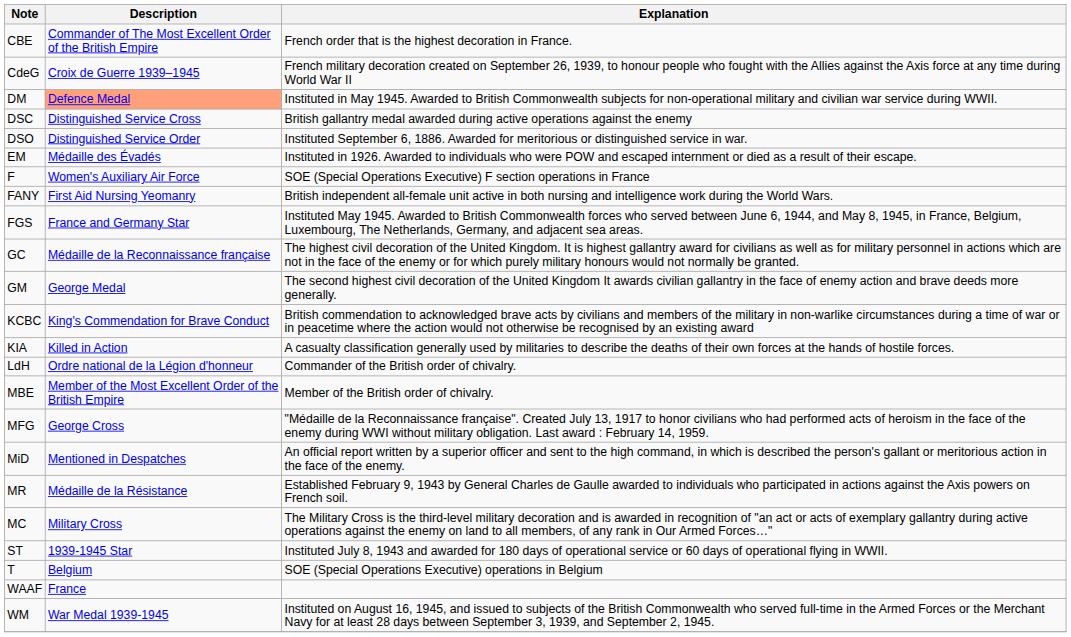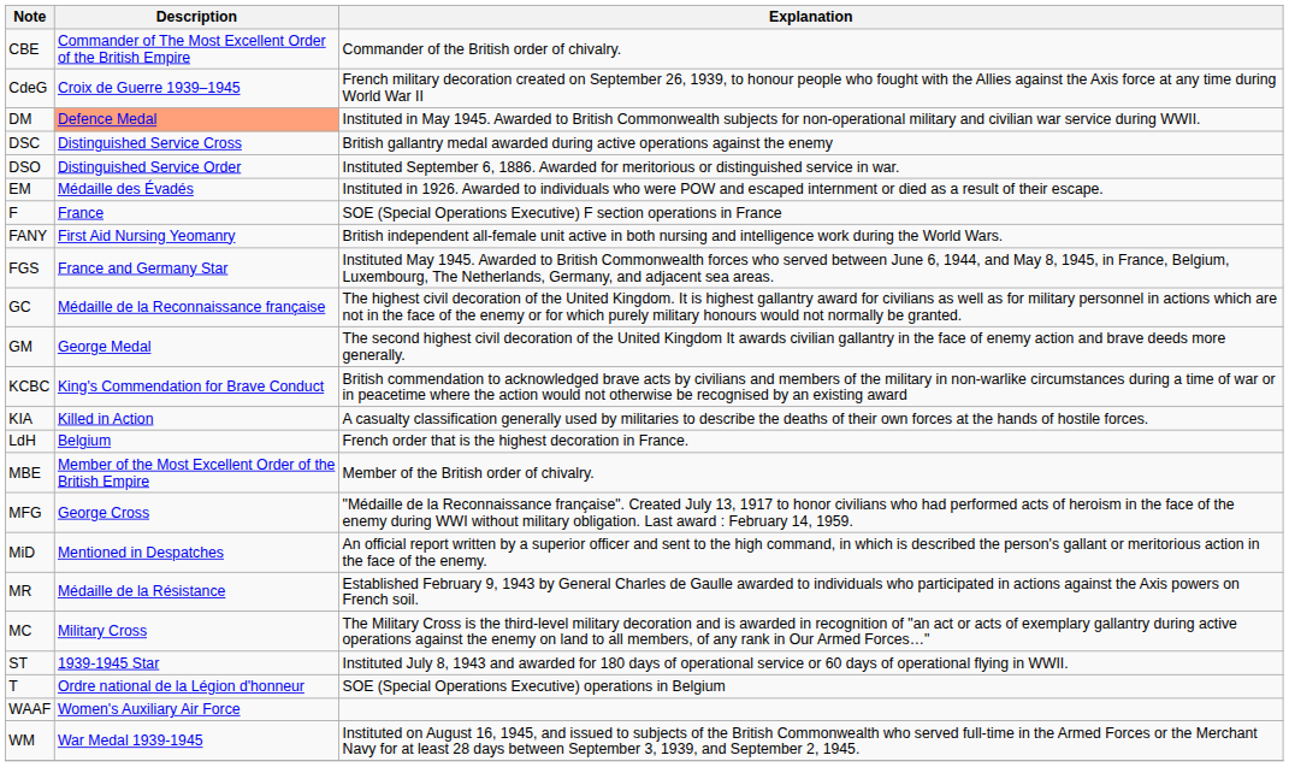 <table class="wikitable" style="font-size:90%;">
 <tr>
 <th>Note</th>
 <th>Description</th>
 <th>Explanation</th>
 </tr>
 <tr>
 <td>CBE</td>
 <td><a href='#'>Commander of The Most Excellent Order of the British Empire</a></td>
-<td>French order that is the highest decoration in France.</td>
+<td>Commander of the British order of chivalry.</td>
 </tr>
 <tr>
 <td>CdeG</td>
 <td><a href='#'>Croix de Guerre 1939–1945</a></td>
 <td>French military decoration created on September 26, 1939, to honour people who fought with the Allies against the Axis force at any time during World War II</td>
 </tr>
 <tr>
 <td>DM</td>
 <td style="background: lightsalmon;"><a href='#'>Defence Medal</a></td>
 <td>Instituted in May 1945. Awarded to British Commonwealth subjects for non-operational military and civilian war service during WWII.</td>
 </tr>
 <tr>
 <td>DSC</td>
 <td><a href='#'>Distinguished Service Cross</a></td>
 <td>British gallantry medal awarded during active operations against the enemy</td>
 </tr>
 <tr>
 <td>DSO</td>
 <td><a href='#'>Distinguished Service Order</a></td>
 <td>Instituted September 6, 1886. Awarded for meritorious or distinguished service in war.</td>
 </tr>
 <tr>
 <td>EM</td>
 <td><a href='#'>Médaille des Évadés</a></td>
 <td>Instituted in 1926. Awarded to individuals who were POW and escaped internment or died as a result of their escape.</td>
 </tr>
 <tr>
 <td>F</td>
-<td><a href='#'>Women's Auxiliary Air Force</a></td>
+<td><a href='#'>France</a></td>
 <td>SOE (Special Operations Executive) F section operations in France</td>
 </tr>
 <tr>
 <td>FANY</td>
 <td><a href='#'>First Aid Nursing Yeomanry</a></td>
 <td>British independent all-female unit active in both nursing and intelligence work during the World Wars.</td>
 </tr>
 <tr>
 <td>FGS</td>
 <td><a href='#'>France and Germany Star</a></td>
 <td>Instituted May 1945. Awarded to British Commonwealth forces who served between June 6, 1944, and May 8, 1945, in France, Belgium, Luxembourg, The Netherlands, Germany, and adjacent sea areas.</td>
 </tr>
 <tr>
 <td>GC</td>
 <td><a href='#'>Médaille de la Reconnaissance française</a></td>
 <td>The highest civil decoration of the United Kingdom. It is highest gallantry award for civilians as well as for military personnel in actions which are not in the face of the enemy or for which purely military honours would not normally be granted.</td>
 </tr>
 <tr>
 <td>GM</td>
 <td><a href='#'>George Medal</a></td>
 <td>The second highest civil decoration of the United Kingdom It awards civilian gallantry in the face of enemy action and brave deeds more generally.</td>
 </tr>
 <tr>
 <td>KCBC</td>
 <td><a href='#'>King's Commendation for Brave Conduct</a></td>
 <td>British commendation to acknowledged brave acts by civilians and members of the military in non-warlike circumstances during a time of war or in peacetime where the action would not otherwise be recognised by an existing award</td>
 </tr>
 <tr>
 <td>KIA</td>
 <td><a href='#'>Killed in Action</a></td>
 <td>A casualty classification generally used by militaries to describe the deaths of their own forces at the hands of hostile forces.</td>
 </tr>
 <tr>
 <td>LdH</td>
-<td><a href='#'>Ordre national de la Légion d'honneur</a></td>
-<td>Commander of the British order of chivalry.</td>
+<td><a href='#'>Belgium</a></td>
+<td>French order that is the highest decoration in France.</td>
 </tr>
 <tr>
 <td>MBE</td>
 <td><a href='#'>Member of the Most Excellent Order of the British Empire</a></td>
 <td>Member of the British order of chivalry.</td>
 </tr>
 <tr>
 <td>MFG</td>
 <td><a href='#'>George Cross</a></td>
 <td>"Médaille de la Reconnaissance française". Created July 13, 1917 to honor civilians who had performed acts of heroism in the face of the enemy during WWI without military obligation. Last award : February 14, 1959.</td>
 </tr>
 <tr>
 <td>MiD</td>
 <td><a href='#'>Mentioned in Despatches</a></td>
 <td>An official report written by a superior officer and sent to the high command, in which is described the person's gallant or meritorious action in the face of the enemy.</td>
 </tr>
 <tr>
 <td>MR</td>
 <td><a href='#'>Médaille de la Résistance</a></td>
 <td>Established February 9, 1943 by General Charles de Gaulle awarded to individuals who participated in actions against the Axis powers on French soil.</td>
 </tr>
 <tr>
 <td>MC</td>
 <td><a href='#'>Military Cross</a></td>
 <td>The Military Cross is the third-level military decoration and is awarded in recognition of "an act or acts of exemplary gallantry during active operations against the enemy on land to all members, of any rank in Our Armed Forces…"</td>
 </tr>
 <tr>
 <td>ST</td>
 <td><a href='#'>1939-1945 Star</a></td>
 <td>Instituted July 8, 1943 and awarded for 180 days of operational service or 60 days of operational flying in WWII.</td>
 </tr>
 <tr>
 <td>T</td>
-<td><a href='#'>Belgium</a></td>
+<td><a href='#'>Ordre national de la Légion d'honneur</a></td>
 <td>SOE (Special Operations Executive) operations in Belgium</td>
 </tr>
 <tr>
 <td>WAAF</td>
-<td><a href='#'>France</a></td>
+<td><a href='#'>Women's Auxiliary Air Force</a></td>
 <td></td>
 </tr>
 <tr>
 <td>WM</td>
 <td><a href='#'>War Medal 1939-1945</a></td>
 <td>Instituted on August 16, 1945, and issued to subjects of the British Commonwealth who served full-time in the Armed Forces or the Merchant Navy for at least 28 days between September 3, 1939, and September 2, 1945.</td>
 </tr>
 <tr>
 </tr>
 </table>
